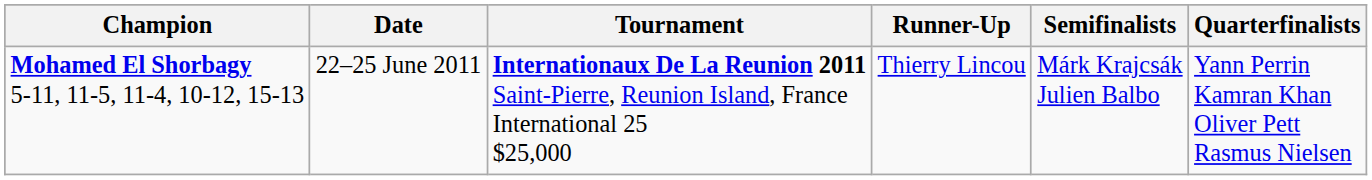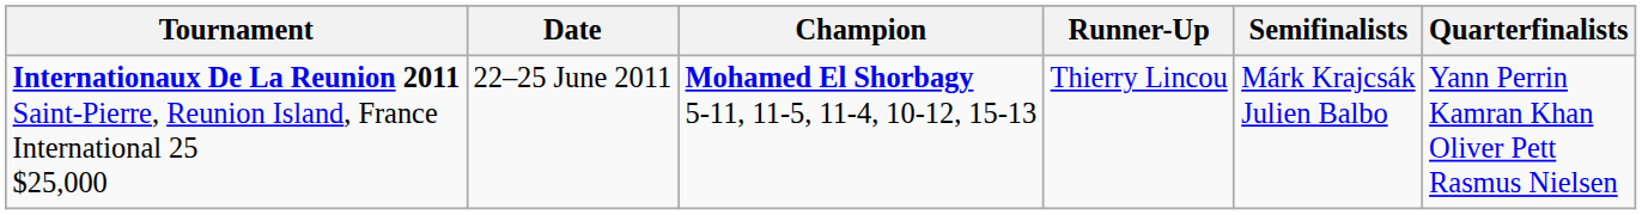 <table class="wikitable" style="font-size:88%">
 <tr>
+<th>Tournament</th>
+<th>Date</th>
 <th>Champion</th>
-<th>Date</th>
-<th>Tournament</th>
 <th>Runner-Up</th>
 <th>Semifinalists</th>
 <th>Quarterfinalists</th>
 </tr>
 <tr valign=top>
+<td><strong><a href='#'>Internationaux De La Reunion</a> 2011</strong><br> <a href='#'>Saint-Pierre</a>, <a href='#'>Reunion Island</a>, France<br>International 25<br>$25,000</td>
+<td>22–25 June 2011</td>
 <td> <strong><a href='#'>Mohamed El Shorbagy</a></strong><br>5-11, 11-5, 11-4, 10-12, 15-13</td>
-<td>22–25 June 2011</td>
-<td><strong><a href='#'>Internationaux De La Reunion</a> 2011</strong><br> <a href='#'>Saint-Pierre</a>, <a href='#'>Reunion Island</a>, France<br>International 25<br>$25,000</td>
 <td> <a href='#'>Thierry Lincou</a></td>
 <td> <a href='#'>Márk Krajcsák</a><br> <a href='#'>Julien Balbo</a></td>
 <td> <a href='#'>Yann Perrin</a><br> <a href='#'>Kamran Khan</a><br> <a href='#'>Oliver Pett</a><br> <a href='#'>Rasmus Nielsen</a></td>
 </tr>
 </table>
